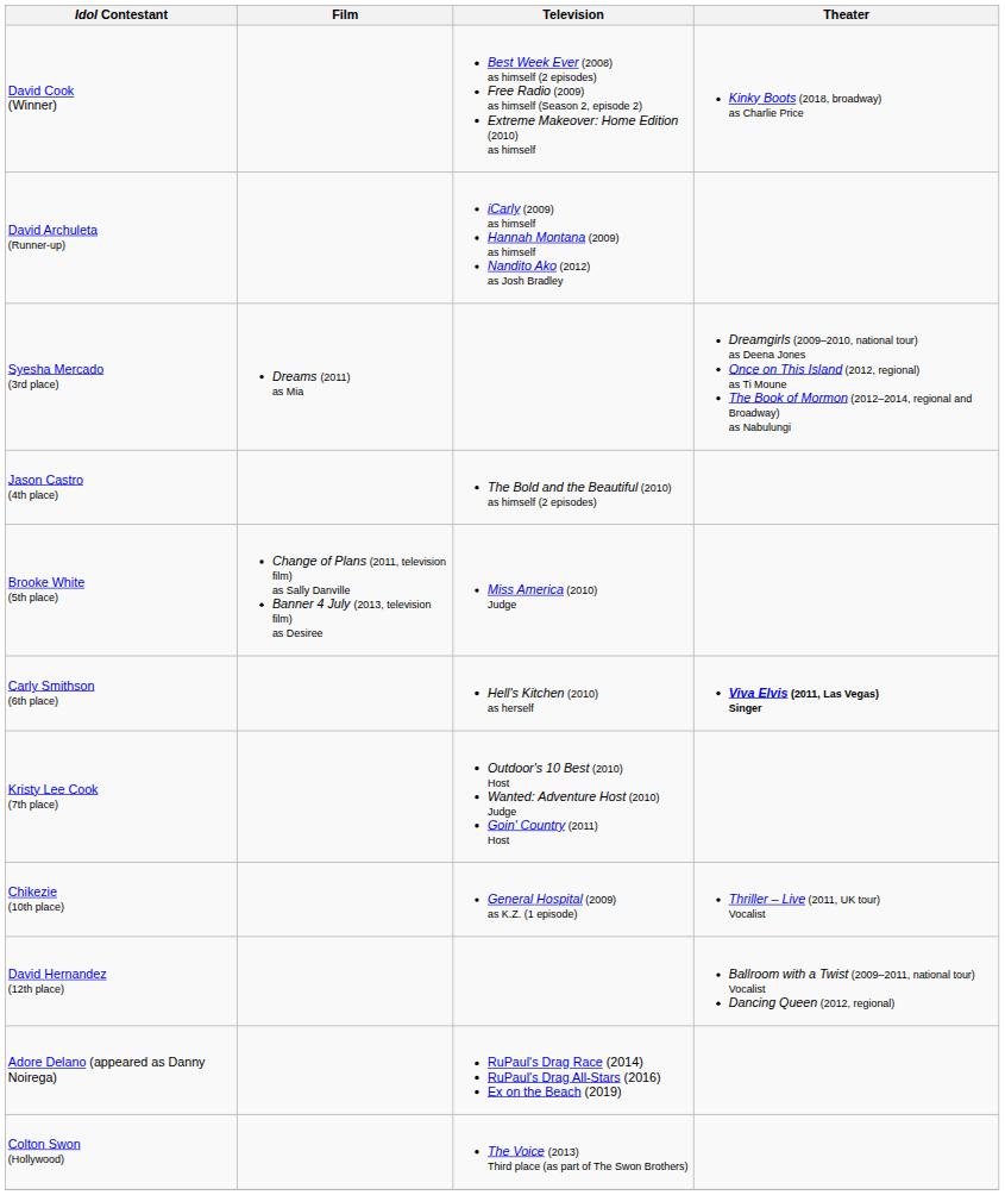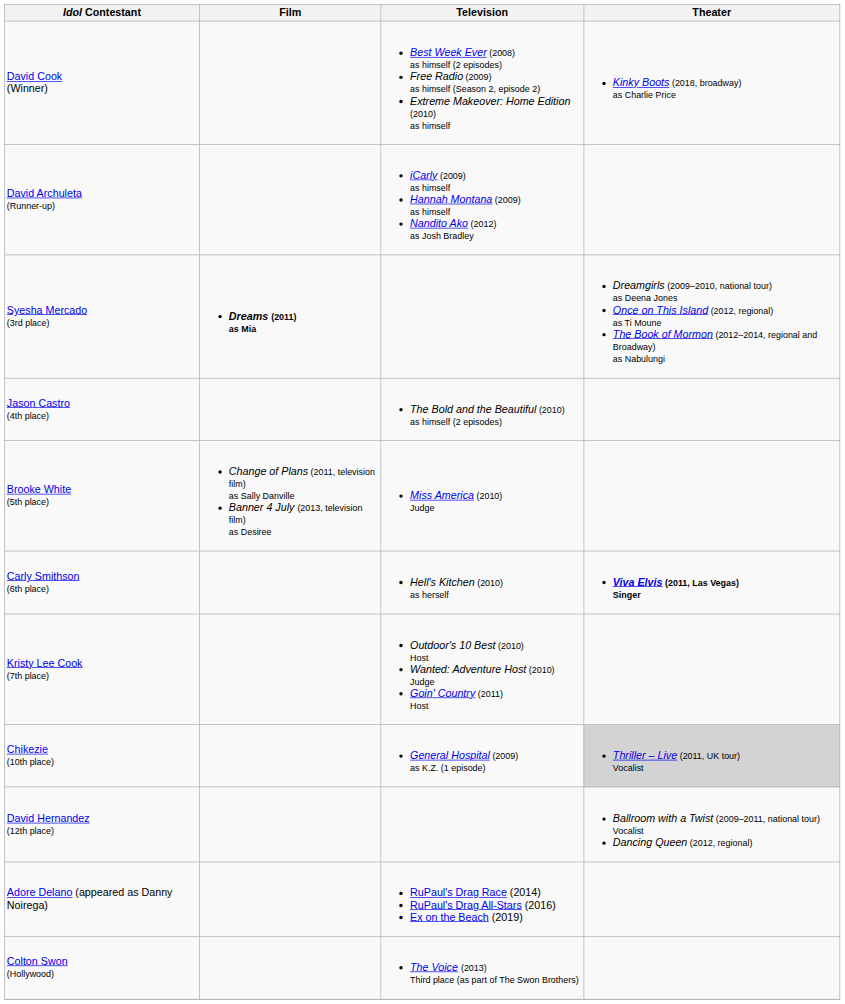 <table class="wikitable">
 <tr>
 <th><em>Idol</em> Contestant</th>
 <th>Film</th>
 <th>Television</th>
 <th>Theater</th>
 </tr>
 <tr>
 <td><a href='#'>David Cook</a><br>(Winner)</td>
 <td></td>
 <td><br><ul><li><em><a href='#'>Best Week Ever</a></em><small> (2008)<br>as himself (2 episodes)</small></li><li><em>Free Radio</em><small> (2009)<br>as himself (Season 2, episode 2)</small></li><li><em>Extreme Makeover: Home Edition</em><small> (2010)<br>as himself</small></li></ul></td>
 <td><br><ul><li><em><a href='#'>Kinky Boots</a></em><small> (2018, broadway)<br>as Charlie Price</small></li></ul></td>
 </tr>
 <tr>
 <td><a href='#'>David Archuleta</a><br><small>(Runner-up)</small></td>
 <td></td>
 <td><br><ul><li><em><a href='#'>iCarly</a></em><small> (2009)<br>as himself</small></li><li><em><a href='#'>Hannah Montana</a></em><small> (2009)<br>as himself</small></li><li><em><a href='#'>Nandito Ako</a></em><small> (2012)<br>as Josh Bradley</small></li></ul></td>
 <td></td>
 </tr>
 <tr>
 <td><a href='#'>Syesha Mercado</a><br><small>(3rd place)</small></td>
-<td><br><ul><li><em>Dreams </em><small> (2011)<br>as Mia</small></li></ul></td>
+<td><strong><br><ul><li><em>Dreams </em><small> (2011)<br>as Mia</small></li></ul></strong></td>
 <td></td>
 <td><br><ul><li><em>Dreamgirls</em><small> (2009–2010, national tour)<br>as Deena Jones</small></li><li><em><a href='#'>Once on This Island</a></em><small>  (2012, regional)<br> as Ti Moune</small></li><li><em><a href='#'>The Book of Mormon</a></em><small>  (2012–2014, regional and Broadway)<br>as Nabulungi</small></li></ul></td>
 </tr>
 <tr>
 <td><a href='#'>Jason Castro</a><br><small>(4th place)</small></td>
 <td></td>
 <td><br><ul><li><em>The Bold and the Beautiful</em><small> (2010)<br>as himself (2 episodes)</small></li></ul></td>
 <td></td>
 </tr>
 <tr>
 <td><a href='#'>Brooke White</a><br><small>(5th place)</small></td>
 <td><br><ul><li><em>Change of Plans</em><small> (2011, television film)<br>as Sally Danville</small></li><li><em>Banner 4 July</em> <small> (2013, television film)<br>as Desiree</small></li></ul></td>
 <td><br><ul><li><em><a href='#'>Miss America</a></em><small> (2010)<br>Judge</small></li></ul></td>
 <td></td>
 </tr>
 <tr>
 <td><a href='#'>Carly Smithson</a><br><small>(6th place)</small></td>
 <td></td>
 <td><br><ul><li><em>Hell's Kitchen</em><small> (2010)<br>as herself</small></li></ul></td>
 <td><strong><br><ul><li><em><a href='#'>Viva Elvis</a></em><small> (2011, Las Vegas)<br>Singer</small></li></ul></strong></td>
 </tr>
 <tr>
 <td><a href='#'>Kristy Lee Cook</a><br><small>(7th place)</small></td>
 <td></td>
 <td><br><ul><li><em>Outdoor's 10 Best</em><small> (2010)<br>Host</small></li><li><em>Wanted: Adventure Host</em><small> (2010)<br>Judge</small></li><li><em><a href='#'>Goin' Country</a></em><small> (2011)<br>Host</small></li></ul></td>
 <td></td>
 </tr>
 <tr>
 <td><a href='#'>Chikezie</a><br><small>(10th place)</small></td>
 <td></td>
 <td><br><ul><li><em><a href='#'>General Hospital</a></em><small> (2009)<br>as K.Z. (1 episode)</small></li></ul></td>
-<td><br><ul><li><em><a href='#'>Thriller – Live</a></em><small> (2011, UK tour)<br>Vocalist</small></li></ul></td>
+<td style="background: lightgrey;"><br><ul><li><em><a href='#'>Thriller – Live</a></em><small> (2011, UK tour)<br>Vocalist</small></li></ul></td>
 </tr>
 <tr>
 <td><a href='#'>David Hernandez</a><br><small>(12th place)</small></td>
 <td></td>
 <td></td>
 <td><br><ul><li><em>Ballroom with a Twist</em><small> (2009–2011, national tour)<br>Vocalist</small></li><li><em>Dancing Queen</em><small> (2012, regional)</small></li></ul></td>
 </tr>
 <tr>
 <td><a href='#'>Adore Delano</a> (appeared as Danny Noirega)</td>
 <td></td>
 <td><br><ul><li><a href='#'>RuPaul's Drag Race</a> (2014)</li><li><a href='#'>RuPaul's Drag All-Stars</a> (2016)</li><li><a href='#'>Ex on the Beach</a> (2019)</li></ul></td>
 <td></td>
 </tr>
 <tr>
 <td><a href='#'>Colton Swon</a><br><small>(Hollywood)</small></td>
 <td></td>
 <td><br><ul><li><em><a href='#'>The Voice</a></em> <small>(2013)<br>Third place (as part of The Swon Brothers)</small></li></ul></td>
 <td></td>
 </tr>
 <tr>
 </tr>
 </table>
